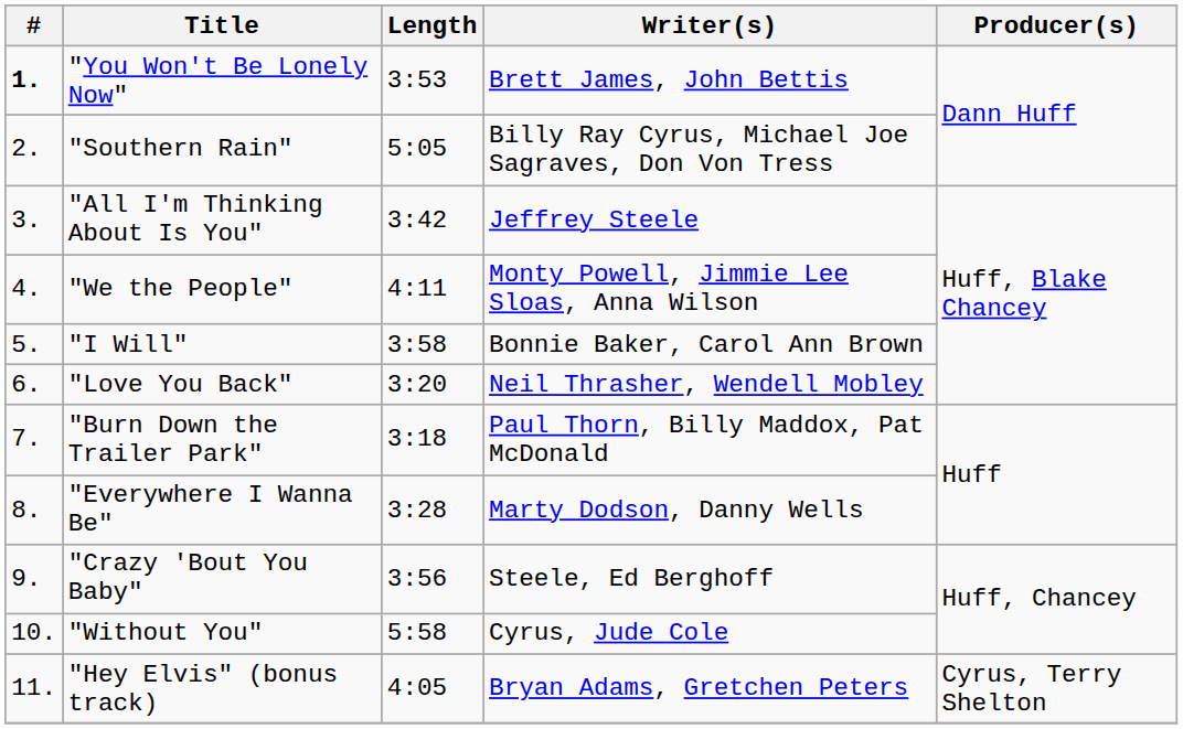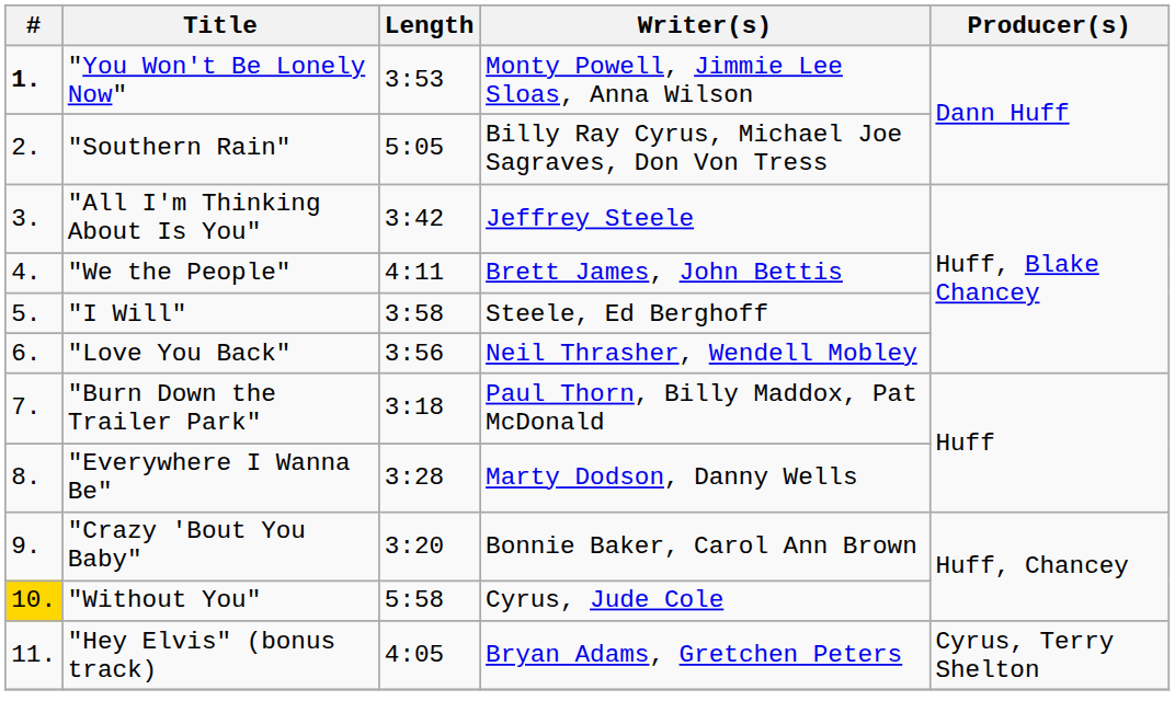 <table class="wikitable">
 <tr>
 <th>#</th>
 <th>Title</th>
 <th>Length</th>
 <th>Writer(s)</th>
 <th>Producer(s)</th>
 </tr>
 <tr>
 <td><strong>1.</strong></td>
 <td>"<a href='#'>You Won't Be Lonely Now</a>"</td>
 <td>3:53</td>
-<td><a href='#'>Brett James</a>, <a href='#'>John Bettis</a></td>
+<td><a href='#'>Monty Powell</a>, <a href='#'>Jimmie Lee Sloas</a>, Anna Wilson</td>
 <td rowspan=2><a href='#'>Dann Huff</a></td>
 </tr>
 <tr>
 <td>2.</td>
 <td>"Southern Rain"</td>
 <td>5:05</td>
 <td>Billy Ray Cyrus, Michael Joe Sagraves, Don Von Tress</td>
 </tr>
 <tr>
 <td>3.</td>
 <td>"All I'm Thinking About Is You"</td>
 <td>3:42</td>
 <td><a href='#'>Jeffrey Steele</a></td>
 <td rowspan=4>Huff, <a href='#'>Blake Chancey</a></td>
 </tr>
 <tr>
 <td>4.</td>
 <td>"We the People" </td>
 <td>4:11</td>
-<td><a href='#'>Monty Powell</a>, <a href='#'>Jimmie Lee Sloas</a>, Anna Wilson</td>
+<td><a href='#'>Brett James</a>, <a href='#'>John Bettis</a></td>
 </tr>
 <tr>
 <td>5.</td>
 <td>"I Will"</td>
 <td>3:58</td>
-<td>Bonnie Baker, Carol Ann Brown</td>
+<td>Steele, Ed Berghoff</td>
 </tr>
 <tr>
 <td>6.</td>
 <td>"Love You Back"</td>
-<td>3:20</td>
+<td>3:56</td>
 <td><a href='#'>Neil Thrasher</a>, <a href='#'>Wendell Mobley</a></td>
 </tr>
 <tr>
 <td>7.</td>
 <td>"Burn Down the Trailer Park"</td>
 <td>3:18</td>
 <td><a href='#'>Paul Thorn</a>, Billy Maddox, Pat McDonald</td>
 <td rowspan=2>Huff</td>
 </tr>
 <tr>
 <td>8.</td>
 <td>"Everywhere I Wanna Be"</td>
 <td>3:28</td>
 <td><a href='#'>Marty Dodson</a>, Danny Wells</td>
 </tr>
 <tr>
 <td>9.</td>
 <td>"Crazy 'Bout You Baby"</td>
-<td>3:56</td>
-<td>Steele, Ed Berghoff</td>
+<td>3:20</td>
+<td>Bonnie Baker, Carol Ann Brown</td>
 <td rowspan=2>Huff, Chancey</td>
 </tr>
 <tr>
-<td>10.</td>
+<td style="background: gold;">10.</td>
 <td>"Without You"</td>
 <td>5:58</td>
 <td>Cyrus, <a href='#'>Jude Cole</a></td>
 </tr>
 <tr>
 <td>11.</td>
 <td>"Hey Elvis" (bonus track)</td>
 <td>4:05</td>
 <td><a href='#'>Bryan Adams</a>, <a href='#'>Gretchen Peters</a></td>
 <td>Cyrus, Terry Shelton</td>
 </tr>
 <tr>
 </tr>
 </table>
